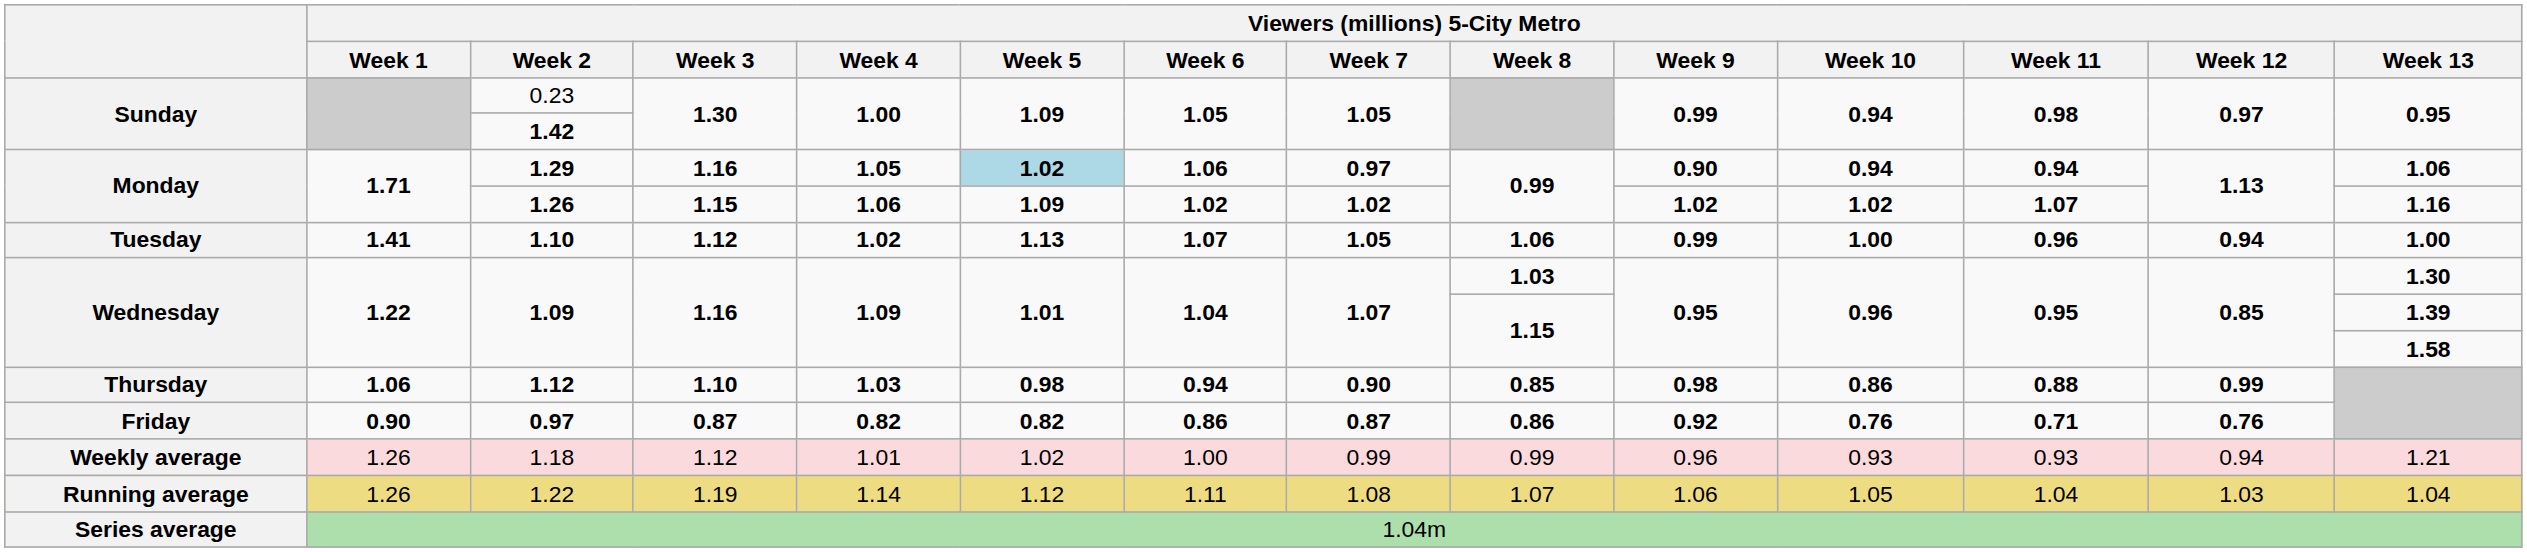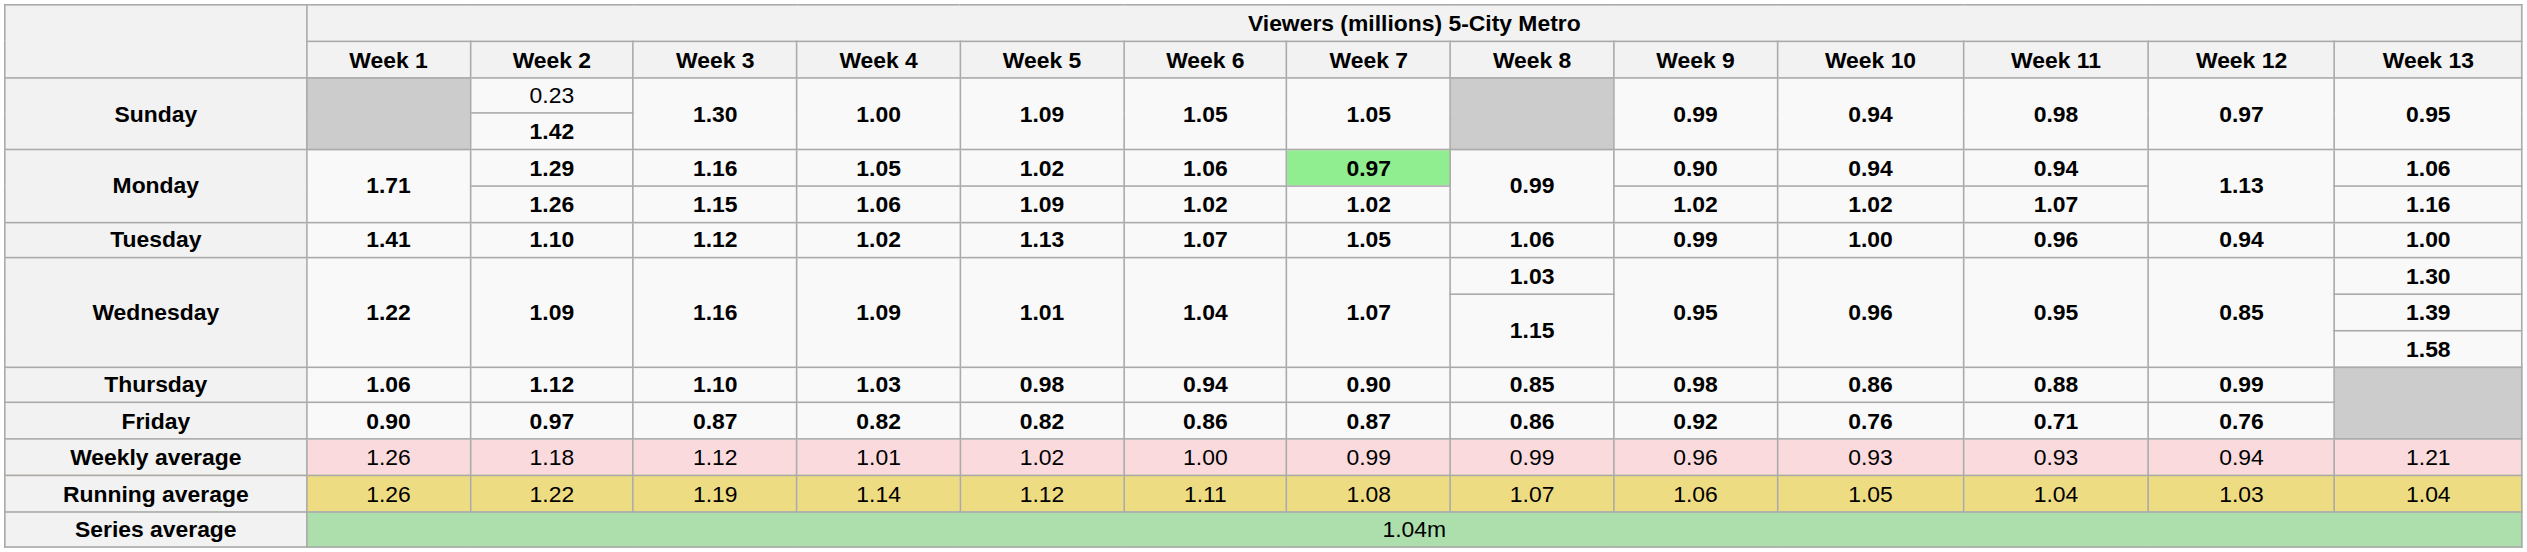 <table class="wikitable" style="font-size:90%; text-align:center; width: 100%; margin-left: auto; margin-right: auto;">
 <tr>
 <th scope="col" rowspan="2" style="width:12%;"></th>
 <th scope=col colspan=13>Viewers (millions) 5-City Metro</th>
 </tr>
 <tr>
 <th>Week 1</th>
 <th>Week 2</th>
 <th>Week 3</th>
 <th>Week 4</th>
 <th>Week 5</th>
 <th>Week 6</th>
 <th>Week 7</th>
 <th>Week 8</th>
 <th>Week 9</th>
 <th>Week 10</th>
 <th>Week 11</th>
 <th>Week 12</th>
 <th>Week 13</th>
 </tr>
 <tr>
 <th rowspan=2>Sunday</th>
 <td style=background:#CCCCCC rowspan=2></td>
 <td>0.23</td>
 <td rowspan=2><strong>1.30</strong></td>
 <td rowspan=2><strong>1.00</strong></td>
 <td rowspan=2><strong>1.09</strong></td>
 <td rowspan=2><strong>1.05</strong></td>
 <td rowspan=2><strong>1.05</strong></td>
 <td style=background:#CCCCCC colspan=1 rowspan=2></td>
 <td rowspan=2><strong>0.99</strong></td>
 <td rowspan=2><strong>0.94</strong></td>
 <td rowspan=2><strong>0.98</strong></td>
 <td rowspan=2><strong>0.97</strong></td>
 <td rowspan=2><strong>0.95</strong></td>
 </tr>
 <tr>
 <td><strong>1.42</strong></td>
 </tr>
 <tr>
 <th rowspan=2>Monday</th>
 <td rowspan=2><strong>1.71</strong></td>
 <td><strong>1.29</strong></td>
 <td><strong>1.16</strong></td>
 <td><strong>1.05</strong></td>
-<td style="background: lightblue;"><strong>1.02</strong></td>
+<td><strong>1.02</strong></td>
 <td><strong>1.06</strong></td>
-<td><strong>0.97</strong></td>
+<td style="background: lightgreen;"><strong>0.97</strong></td>
 <td rowspan=2><strong>0.99</strong></td>
 <td><strong>0.90</strong></td>
 <td><strong>0.94</strong></td>
 <td><strong>0.94</strong></td>
 <td rowspan=2><strong>1.13</strong></td>
 <td><strong>1.06</strong></td>
 </tr>
 <tr>
 <td><strong>1.26</strong></td>
 <td><strong>1.15</strong></td>
 <td><strong>1.06</strong></td>
 <td><strong>1.09</strong></td>
 <td><strong>1.02</strong></td>
 <td><strong>1.02</strong></td>
 <td><strong>1.02</strong></td>
 <td><strong>1.02</strong></td>
 <td><strong>1.07</strong></td>
 <td><strong>1.16</strong></td>
 </tr>
 <tr>
 <th>Tuesday</th>
 <td><strong>1.41</strong></td>
 <td><strong>1.10</strong></td>
 <td><strong>1.12</strong></td>
 <td><strong>1.02</strong></td>
 <td><strong>1.13</strong></td>
 <td><strong>1.07</strong></td>
 <td><strong>1.05</strong></td>
 <td><strong>1.06</strong></td>
 <td><strong>0.99</strong></td>
 <td><strong>1.00</strong></td>
 <td><strong>0.96</strong></td>
 <td><strong>0.94</strong></td>
 <td><strong>1.00</strong></td>
 </tr>
 <tr>
 <th rowspan=3>Wednesday</th>
 <td rowspan=3><strong>1.22</strong></td>
 <td rowspan=3><strong>1.09</strong></td>
 <td rowspan=3><strong>1.16</strong></td>
 <td rowspan=3><strong>1.09</strong></td>
 <td rowspan=3><strong>1.01</strong></td>
 <td rowspan=3><strong>1.04</strong></td>
 <td rowspan=3><strong>1.07</strong></td>
 <td><strong>1.03</strong></td>
 <td rowspan=3><strong>0.95</strong></td>
 <td rowspan=3><strong>0.96</strong></td>
 <td rowspan=3><strong>0.95</strong></td>
 <td rowspan=3><strong>0.85</strong></td>
 <td><strong>1.30</strong></td>
 </tr>
 <tr>
 <td rowspan=2><strong>1.15</strong></td>
 <td><strong>1.39</strong></td>
 </tr>
 <tr>
 <td><strong>1.58</strong></td>
 </tr>
 <tr>
 <th>Thursday</th>
 <td><strong>1.06</strong></td>
 <td><strong>1.12</strong></td>
 <td><strong>1.10</strong></td>
 <td><strong>1.03</strong></td>
 <td><strong>0.98</strong></td>
 <td><strong>0.94</strong></td>
 <td><strong>0.90</strong></td>
 <td><strong>0.85</strong></td>
 <td><strong>0.98</strong></td>
 <td><strong>0.86</strong></td>
 <td><strong>0.88</strong></td>
 <td><strong>0.99</strong></td>
 <td style=background:#CCCCCC rowspan=2></td>
 </tr>
 <tr>
 <th>Friday</th>
 <td><strong>0.90</strong></td>
 <td><strong>0.97</strong></td>
 <td><strong>0.87</strong></td>
 <td><strong>0.82</strong></td>
 <td><strong>0.82</strong></td>
 <td><strong>0.86</strong></td>
 <td><strong>0.87</strong></td>
 <td><strong>0.86</strong></td>
 <td><strong>0.92</strong></td>
 <td><strong>0.76</strong></td>
 <td><strong>0.71</strong></td>
 <td><strong>0.76</strong></td>
 </tr>
 <tr style="background:#FADADD;" |>
 <th>Weekly average</th>
 <td>1.26</td>
 <td>1.18</td>
 <td>1.12</td>
 <td>1.01</td>
 <td>1.02</td>
 <td>1.00</td>
 <td>0.99</td>
 <td>0.99</td>
 <td>0.96</td>
 <td>0.93</td>
 <td>0.93</td>
 <td>0.94</td>
 <td colspan=14>1.21</td>
 </tr>
 <tr style="background:#EEDC82;" |>
 <th>Running average</th>
 <td>1.26</td>
 <td>1.22</td>
 <td>1.19</td>
 <td>1.14</td>
 <td>1.12</td>
 <td>1.11</td>
 <td>1.08</td>
 <td>1.07</td>
 <td>1.06</td>
 <td>1.05</td>
 <td>1.04</td>
 <td>1.03</td>
 <td colspan=11>1.04</td>
 </tr>
 <tr style="background:#ADDFAD;" |>
 <th>Series average</th>
 <td colspan=14>1.04m</td>
 </tr>
 </table>
